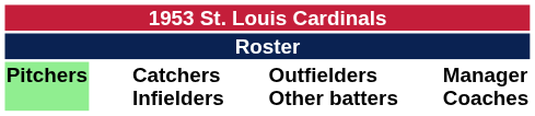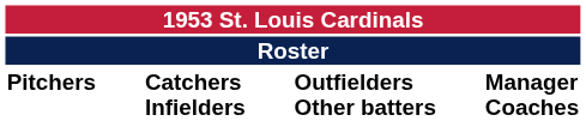 <table class="toccolours" style="font-size: 95%;">
 <tr>
 <th colspan="10" style="background-color: #c41e3a; color: white; text-align: center;">1953 St. Louis Cardinals</th>
 </tr>
 <tr>
 <td colspan="10" style="background-color: #0a2252; color: white; text-align: center;"><strong>Roster</strong></td>
 </tr>
 <tr>
-<td valign="top" style="background: lightgreen;"><strong>Pitchers</strong><br>               </td>
+<td valign="top"><strong>Pitchers</strong><br>               </td>
 <td width="25px"></td>
 <td valign="top"><strong>Catchers</strong><br>     <strong>Infielders</strong>          </td>
 <td width="25px"></td>
 <td valign="top"><strong>Outfielders</strong><br>      <strong>Other batters</strong>    </td>
 <td width="25px"></td>
 <td valign="top"><strong>Manager</strong><br> <strong>Coaches</strong>   </td>
 </tr>
 </table>
